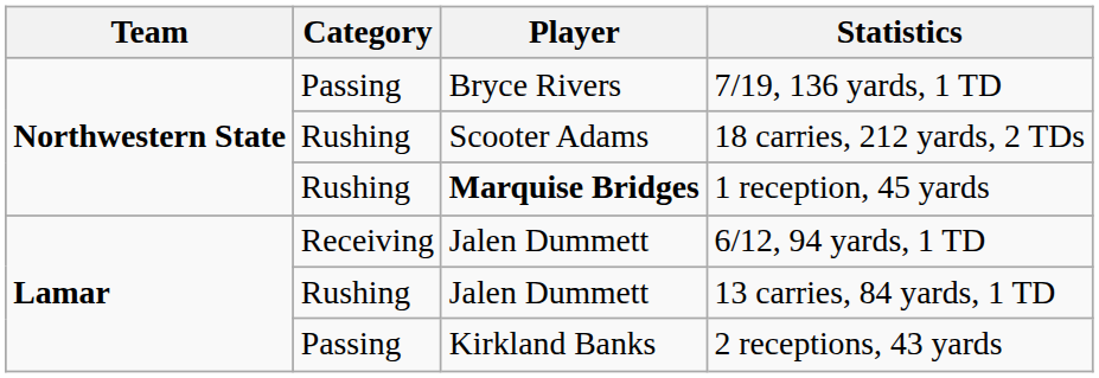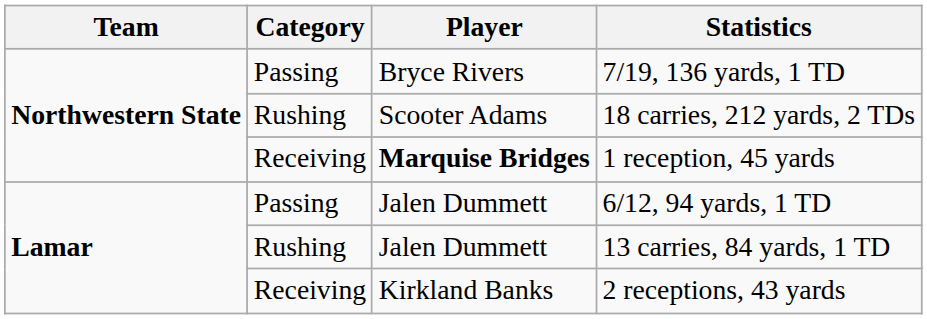 <table class="wikitable" style="float: left;">
 <tr>
 <th>Team</th>
 <th>Category</th>
 <th>Player</th>
 <th>Statistics</th>
 </tr>
 <tr>
 <td rowspan=3><strong>Northwestern State</strong></td>
 <td>Passing</td>
 <td>Bryce Rivers</td>
 <td>7/19, 136 yards, 1 TD</td>
 </tr>
 <tr>
 <td>Rushing</td>
 <td>Scooter Adams</td>
 <td>18 carries, 212 yards, 2 TDs</td>
 </tr>
 <tr>
-<td>Rushing</td>
+<td>Receiving</td>
 <td><strong>Marquise Bridges</strong></td>
 <td>1 reception, 45 yards</td>
 </tr>
 <tr>
 <td rowspan=3><strong>Lamar</strong></td>
-<td>Receiving</td>
+<td>Passing</td>
 <td>Jalen Dummett</td>
 <td>6/12, 94 yards, 1 TD</td>
 </tr>
 <tr>
 <td>Rushing</td>
 <td>Jalen Dummett</td>
 <td>13 carries, 84 yards, 1 TD</td>
 </tr>
 <tr>
-<td>Passing</td>
+<td>Receiving</td>
 <td>Kirkland Banks</td>
 <td>2 receptions, 43 yards</td>
 </tr>
 </table>
